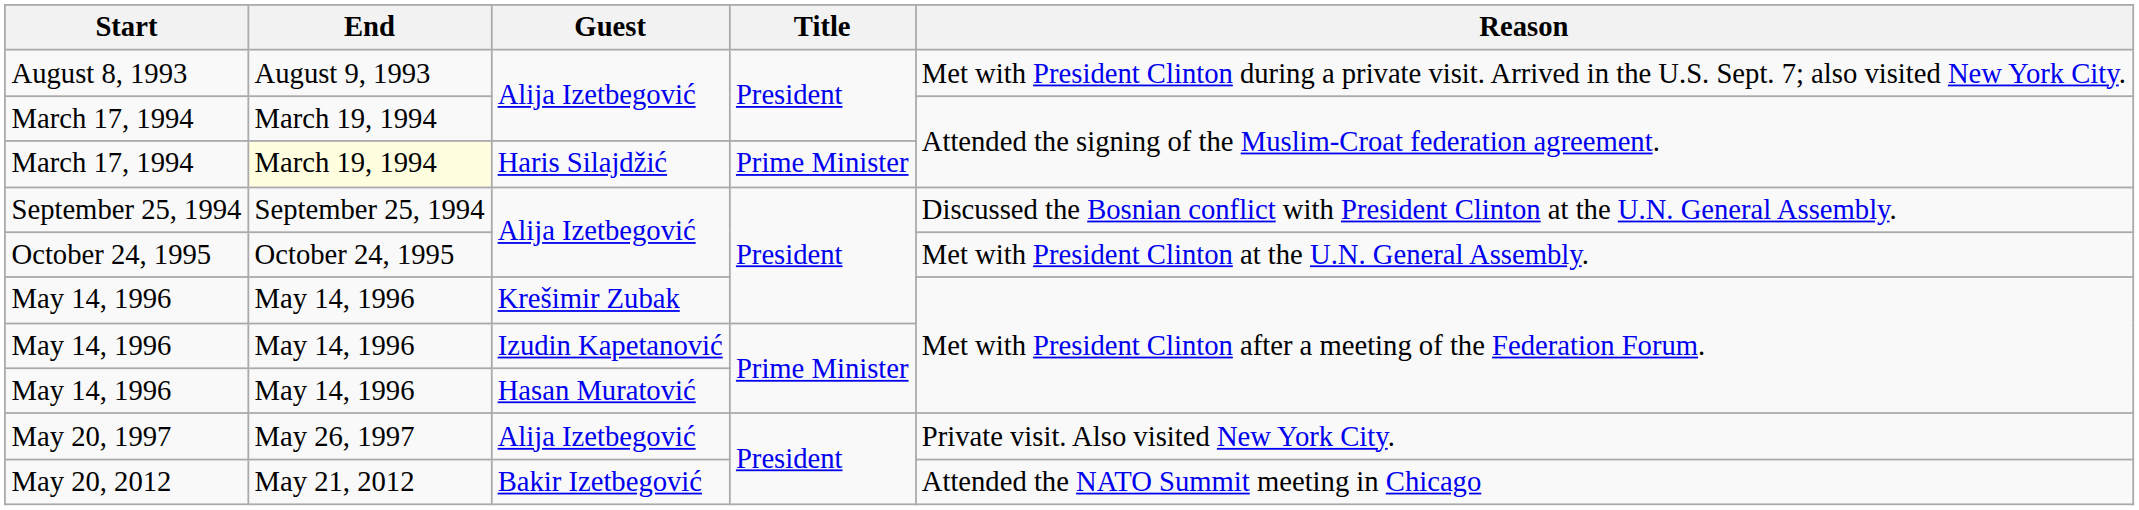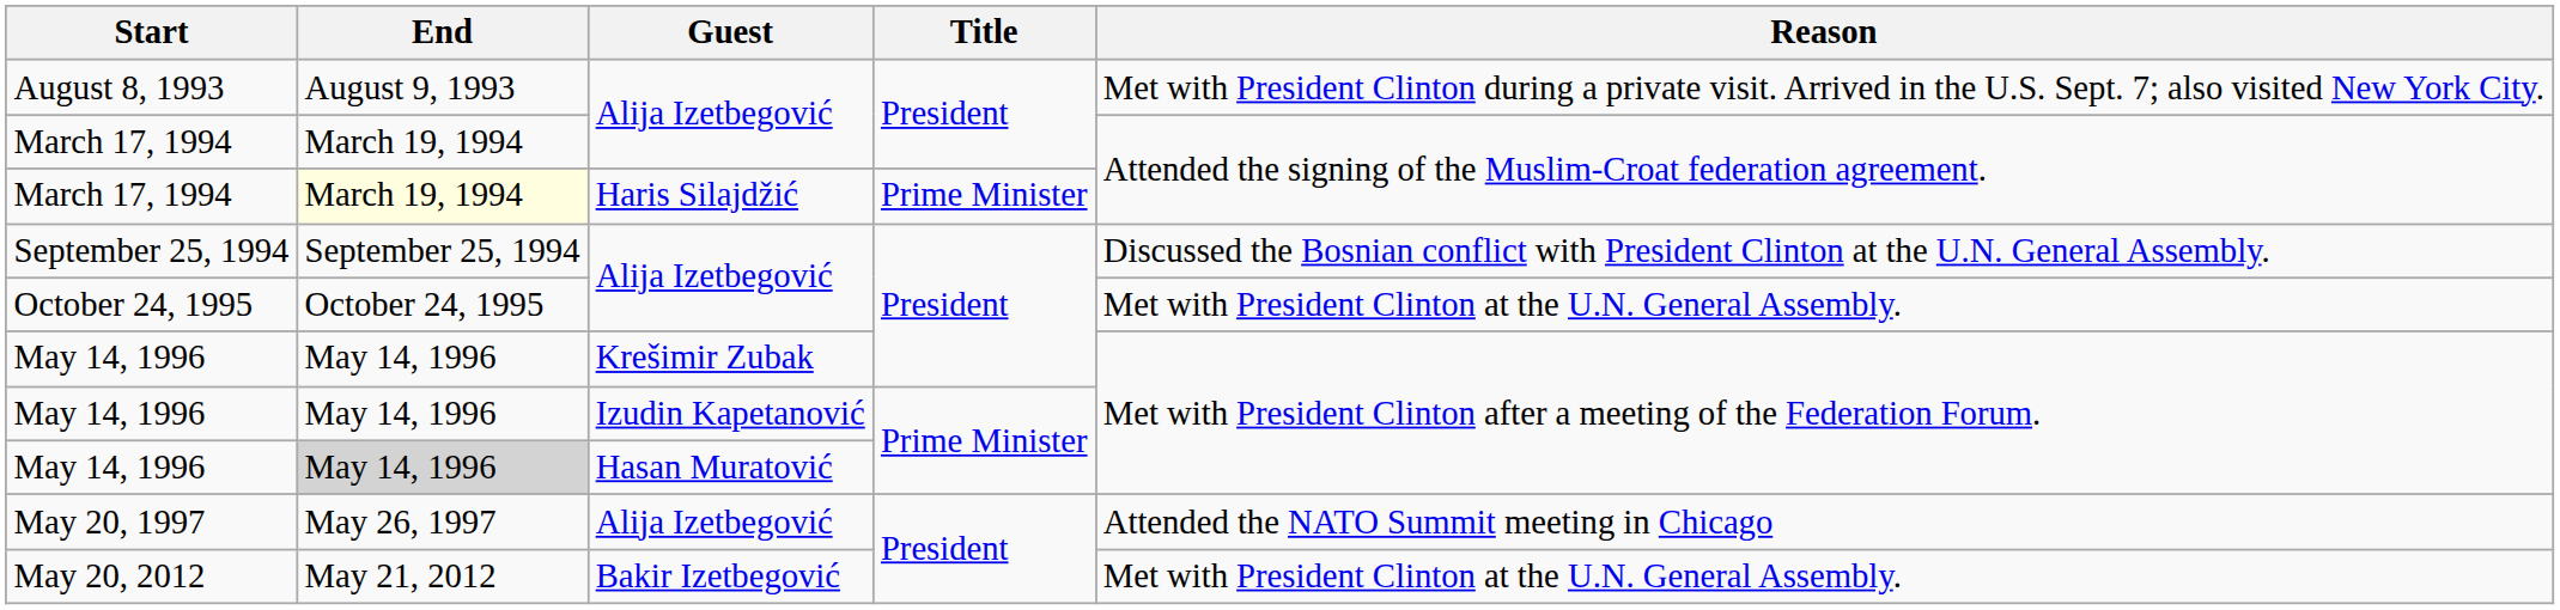 <table class="wikitable sortable">
 <tr>
 <th>Start</th>
 <th>End</th>
 <th>Guest</th>
 <th>Title</th>
 <th>Reason</th>
 </tr>
 <tr>
 <td>August 8, 1993</td>
 <td>August 9, 1993</td>
 <td rowspan=2><a href='#'>Alija Izetbegović</a></td>
 <td rowspan=2><a href='#'>President</a></td>
 <td>Met with <a href='#'>President Clinton</a> during a private visit. Arrived in the U.S. Sept. 7; also visited <a href='#'>New York City</a>.</td>
 </tr>
 <tr>
 <td>March 17, 1994</td>
 <td>March 19, 1994</td>
 <td rowspan=2>Attended the signing of the <a href='#'>Muslim-Croat federation agreement</a>.</td>
 </tr>
 <tr>
 <td>March 17, 1994</td>
 <td style="background: lightyellow;">March 19, 1994</td>
 <td><a href='#'>Haris Silajdžić</a></td>
 <td><a href='#'>Prime Minister</a></td>
 </tr>
 <tr>
 <td>September 25, 1994</td>
 <td>September 25, 1994</td>
 <td rowspan=2><a href='#'>Alija Izetbegović</a></td>
 <td rowspan=3><a href='#'>President</a></td>
 <td>Discussed the <a href='#'>Bosnian conflict</a> with <a href='#'>President Clinton</a> at the <a href='#'>U.N. General Assembly</a>.</td>
 </tr>
 <tr>
 <td>October 24, 1995</td>
 <td>October 24, 1995</td>
 <td>Met with <a href='#'>President Clinton</a> at the <a href='#'>U.N. General Assembly</a>.</td>
 </tr>
 <tr>
 <td>May 14, 1996</td>
 <td>May 14, 1996</td>
 <td><a href='#'>Krešimir Zubak</a></td>
 <td rowspan=3>Met with <a href='#'>President Clinton</a> after a meeting of the <a href='#'>Federation Forum</a>.</td>
 </tr>
 <tr>
 <td>May 14, 1996</td>
 <td>May 14, 1996</td>
 <td><a href='#'>Izudin Kapetanović</a></td>
 <td rowspan=2><a href='#'>Prime Minister</a></td>
 </tr>
 <tr>
 <td>May 14, 1996</td>
-<td>May 14, 1996</td>
+<td style="background: lightgrey;">May 14, 1996</td>
 <td><a href='#'>Hasan Muratović</a></td>
 </tr>
 <tr>
 <td>May 20, 1997</td>
 <td>May 26, 1997</td>
 <td><a href='#'>Alija Izetbegović</a></td>
 <td rowspan=2><a href='#'>President</a></td>
-<td>Private visit. Also visited <a href='#'>New York City</a>.</td>
+<td>Attended the <a href='#'>NATO Summit</a> meeting in <a href='#'>Chicago</a></td>
 </tr>
 <tr>
 <td>May 20, 2012</td>
 <td>May 21, 2012</td>
 <td><a href='#'>Bakir Izetbegović</a></td>
-<td>Attended the <a href='#'>NATO Summit</a> meeting in <a href='#'>Chicago</a></td>
+<td>Met with <a href='#'>President Clinton</a> at the <a href='#'>U.N. General Assembly</a>.</td>
 </tr>
 </table>
